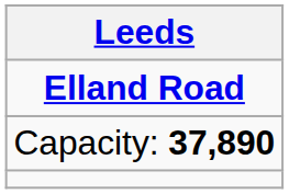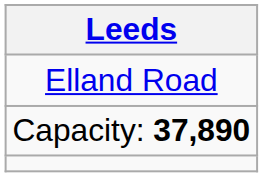 <table class="wikitable" style="text-align:center;margin:0.2em auto;">
 <tr>
 <th><a href='#'>Leeds</a></th>
 </tr>
 <tr>
-<td><strong><a href='#'>Elland Road</a></strong></td>
+<td><a href='#'>Elland Road</a></td>
 </tr>
 <tr>
 <td>Capacity: <strong>37,890</strong></td>
 </tr>
 <tr>
 <td></td>
 </tr>
 </table>
